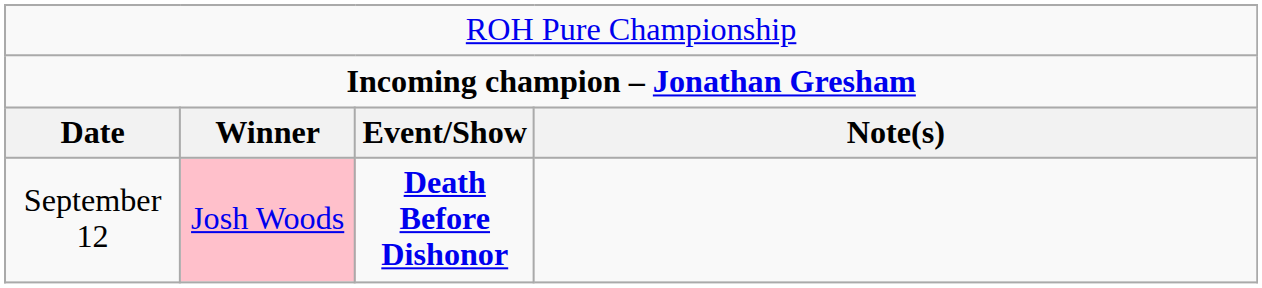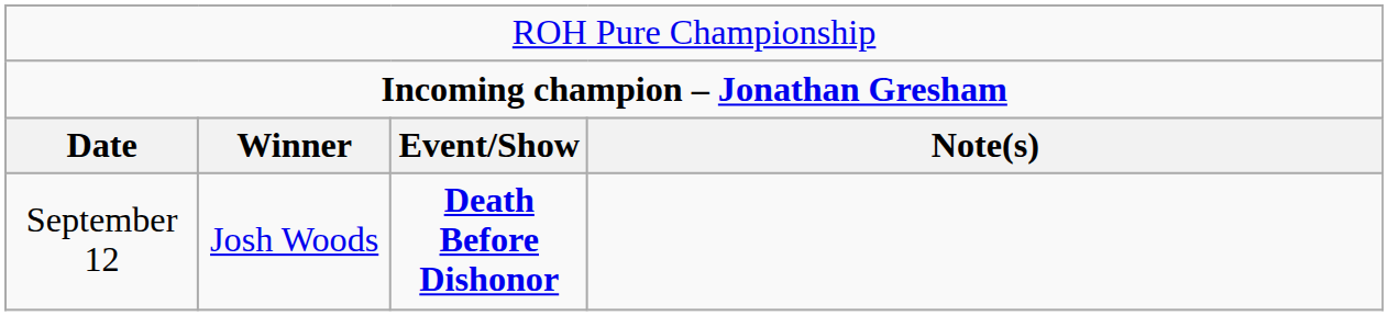 <table class="wikitable" style="text-align:center; width:100%;">
 <tr>
 <td colspan="4" style="text-align: center;"><a href='#'>ROH Pure Championship</a></td>
 </tr>
 <tr>
 <td colspan="4" style="text-align: center;"><strong>Incoming champion – <a href='#'>Jonathan Gresham</a></strong></td>
 </tr>
 <tr>
 <th width=14%>Date</th>
 <th width=14%>Winner</th>
 <th width=14%>Event/Show</th>
 <th width=58%>Note(s)</th>
 </tr>
 <tr>
 <td>September 12</td>
-<td style="background: pink;"><a href='#'>Josh Woods</a></td>
+<td><a href='#'>Josh Woods</a></td>
 <td><strong><a href='#'>Death Before Dishonor</a></strong></td>
 <td></td>
 </tr>
 </table>
